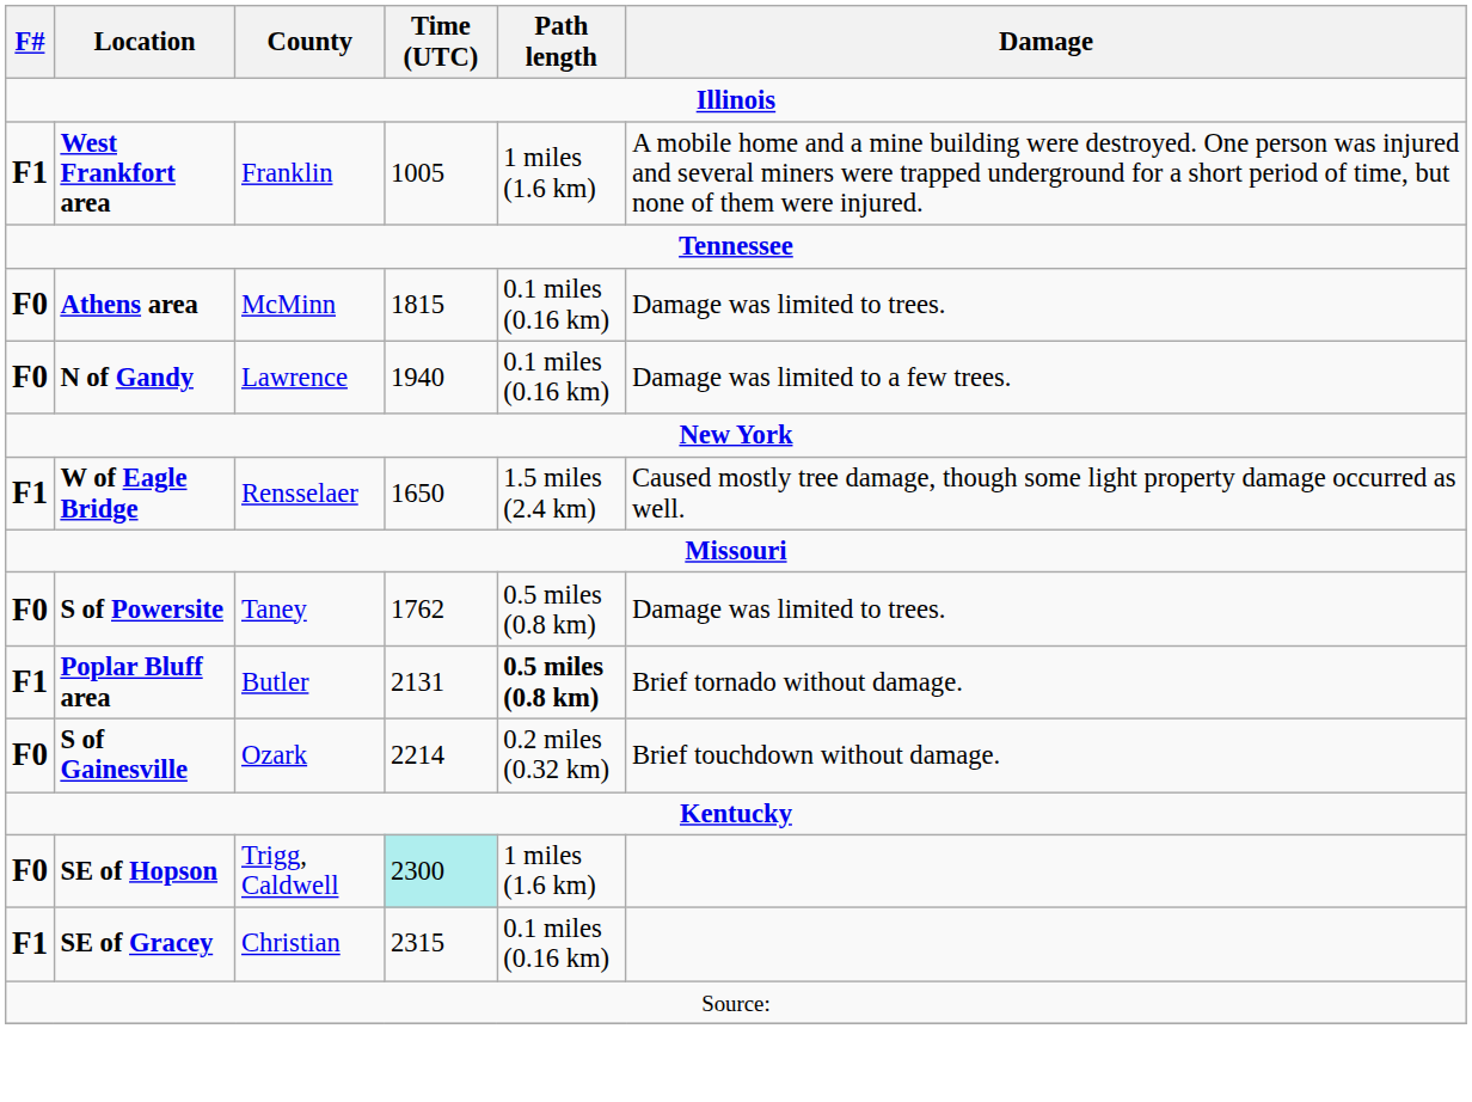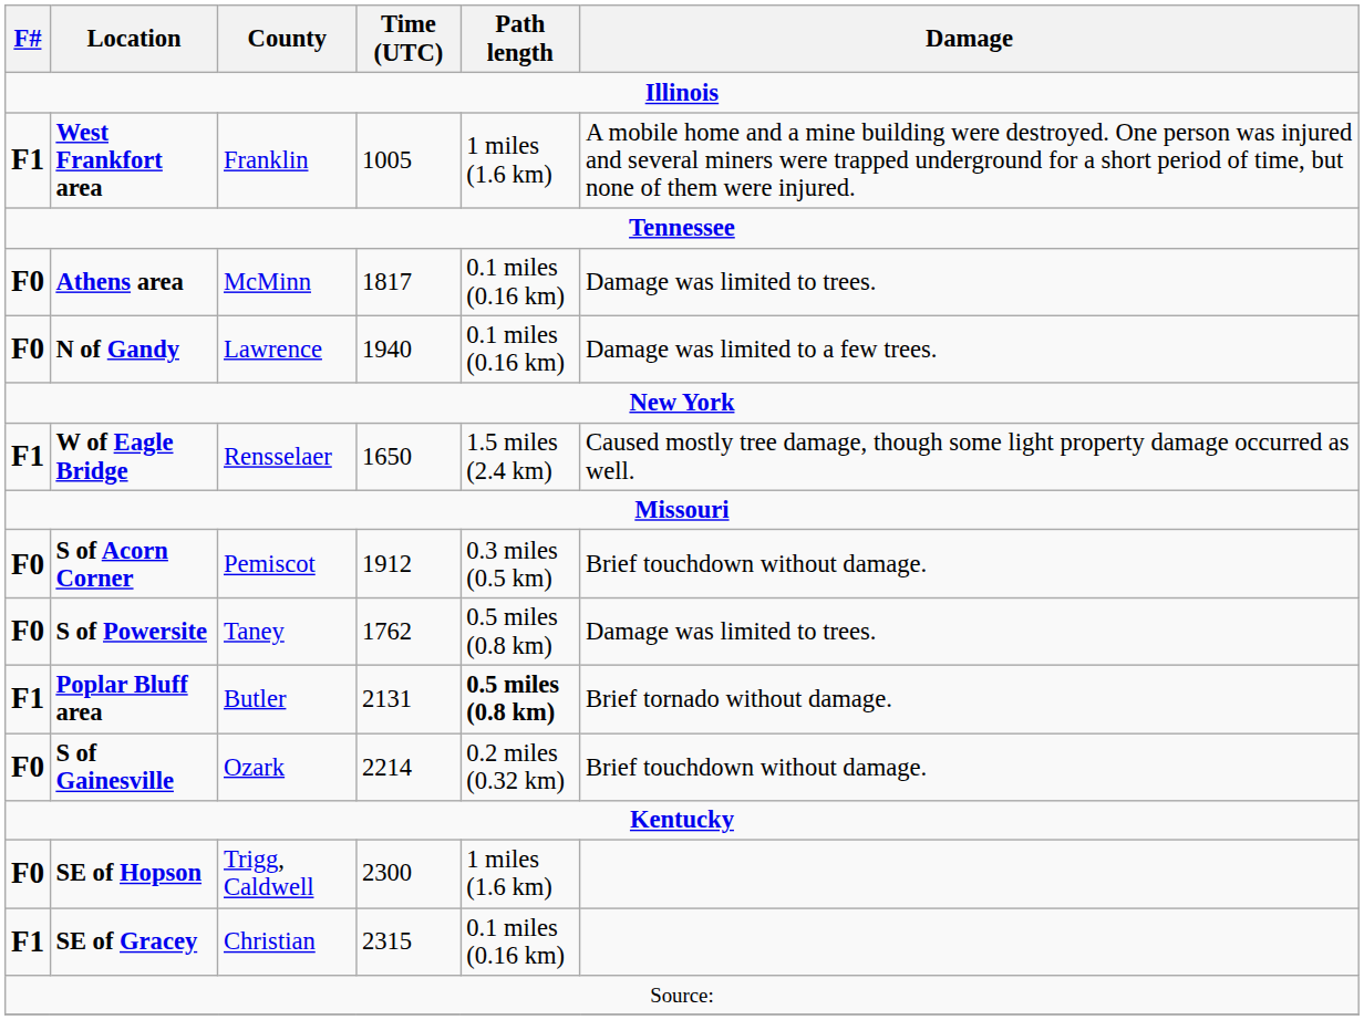 <table class="wikitable">
 <tr>
 <th><strong><a href='#'>F#</a></strong></th>
 <th><strong>Location</strong></th>
 <th><strong>County</strong></th>
 <th><strong>Time (UTC)</strong></th>
 <th><strong>Path length</strong></th>
 <th><strong>Damage</strong></th>
 </tr>
 <tr>
 <td colspan="6" align=center><strong><a href='#'>Illinois</a></strong></td>
 </tr>
 <tr>
 <td><big><strong>F1</strong></big></td>
 <td><strong><a href='#'>West Frankfort</a> area</strong></td>
 <td><a href='#'>Franklin</a></td>
 <td>1005</td>
 <td>1 miles <br>(1.6 km)</td>
 <td>A mobile home and a mine building were destroyed. One person was injured and several miners were trapped underground for a short period of time, but none of them were injured.</td>
 </tr>
 <tr>
 <td colspan="6" align=center><strong><a href='#'>Tennessee</a></strong></td>
 </tr>
 <tr>
 <td><big><strong>F0</strong></big></td>
 <td><strong><a href='#'>Athens</a> area</strong></td>
 <td><a href='#'>McMinn</a></td>
-<td>1815</td>
+<td>1817</td>
 <td>0.1 miles <br>(0.16 km)</td>
 <td>Damage was limited to trees.</td>
 </tr>
 <tr>
 <td><big><strong>F0</strong></big></td>
 <td><strong>N of <a href='#'>Gandy</a></strong></td>
 <td><a href='#'>Lawrence</a></td>
 <td>1940</td>
 <td>0.1 miles <br>(0.16 km)</td>
 <td>Damage was limited to a few trees.</td>
 </tr>
 <tr>
 <td colspan="6" align=center><strong><a href='#'>New York</a></strong></td>
 </tr>
 <tr>
 <td><big><strong>F1</strong></big></td>
 <td><strong>W of <a href='#'>Eagle Bridge</a></strong></td>
 <td><a href='#'>Rensselaer</a></td>
 <td>1650</td>
 <td>1.5 miles <br>(2.4 km)</td>
 <td>Caused mostly tree damage, though some light property damage occurred as well.</td>
 </tr>
 <tr>
 <td colspan="6" align=center><strong><a href='#'>Missouri</a></strong></td>
+</tr>
+<tr>
+<td><big><strong>F0</strong></big></td>
+<td><strong>S of <a href='#'>Acorn Corner</a></strong></td>
+<td><a href='#'>Pemiscot</a></td>
+<td>1912</td>
+<td>0.3 miles <br>(0.5 km)</td>
+<td>Brief touchdown without damage.</td>
 </tr>
 <tr>
 <td><big><strong>F0</strong></big></td>
 <td><strong>S of <a href='#'>Powersite</a></strong></td>
 <td><a href='#'>Taney</a></td>
 <td>1762</td>
 <td>0.5 miles <br>(0.8 km)</td>
 <td>Damage was limited to trees.</td>
 </tr>
 <tr>
 <td><big><strong>F1</strong></big></td>
 <td><strong><a href='#'>Poplar Bluff</a> area</strong></td>
 <td><a href='#'>Butler</a></td>
 <td>2131</td>
 <td><strong>0.5 miles <br>(0.8 km)</strong></td>
 <td>Brief tornado without damage.</td>
 </tr>
 <tr>
 <td><big><strong>F0</strong></big></td>
 <td><strong>S of <a href='#'>Gainesville</a></strong></td>
 <td><a href='#'>Ozark</a></td>
 <td>2214</td>
 <td>0.2 miles <br>(0.32 km)</td>
 <td>Brief touchdown without damage.</td>
 </tr>
 <tr>
 <td colspan="6" align=center><strong><a href='#'>Kentucky</a></strong></td>
 </tr>
 <tr>
 <td><big><strong>F0</strong></big></td>
 <td><strong>SE of <a href='#'>Hopson</a></strong></td>
 <td><a href='#'>Trigg</a>, <a href='#'>Caldwell</a></td>
-<td style="background: paleturquoise;">2300</td>
+<td>2300</td>
 <td>1 miles <br>(1.6 km)</td>
 <td></td>
 </tr>
 <tr>
 <td><big><strong>F1</strong></big></td>
 <td><strong>SE of <a href='#'>Gracey</a></strong></td>
 <td><a href='#'>Christian</a></td>
 <td>2315</td>
 <td>0.1 miles <br>(0.16 km)</td>
 <td></td>
 </tr>
 <tr>
 <td colspan="6" align=center><small>Source: </small></td>
 </tr>
 <tr>
 </tr>
 </table>
